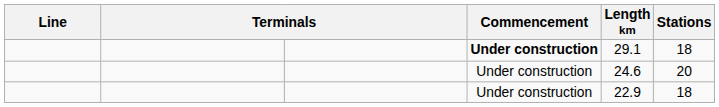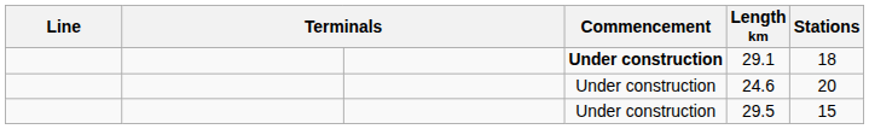 <table class="wikitable sortable" style="cell-padding:1.5; font-size:96%; text-align:center;">
 <tr>
 <th data-sort-type="text"style="width:100px;">Line</th>
 <th class="unsortable" colspan="2" style="width:400px; line-height:1.05">Terminals</th>
 <th>Commencement</th>
 <th style="line-height:1.05">Length<br><small>km</small></th>
 <th style="line-height:1.05">Stations</th>
 </tr>
 <tr>
 <td style="text-align:center; line-height:1.05"></td>
 <td style="text-align:center; line-height:1.05"><strong></strong></td>
 <td style="text-align:center; line-height:1.05"><strong></strong></td>
 <td style="text-align:center; line-height:1.05"><strong>Under construction</strong></td>
 <td style="text-align:center; line-height:1.05">29.1</td>
 <td style="text-align:center; line-height:1.05">18</td>
 </tr>
 <tr>
 <td style="text-align:center; line-height:1.05"></td>
 <td style="text-align:center; line-height:1.05"><strong></strong></td>
 <td style="text-align:center; line-height:1.05"><strong></strong></td>
 <td style="text-align:center; line-height:1.05">Under construction</td>
 <td style="text-align:center; line-height:1.05">24.6</td>
 <td style="text-align:center; line-height:1.05">20</td>
 </tr>
 <tr>
 <td style="text-align:center; line-height:1.05"></td>
 <td style="text-align:center; line-height:1.05"><strong></strong></td>
 <td style="text-align:center; line-height:1.05"><strong></strong></td>
 <td style="text-align:center; line-height:1.05">Under construction</td>
-<td style="text-align:center; line-height:1.05">22.9</td>
-<td style="text-align:center; line-height:1.05">18<br></td>
+<td style="text-align:center; line-height:1.05">29.5</td>
+<td style="text-align:center; line-height:1.05">15<br></td>
 </tr>
 </table>
